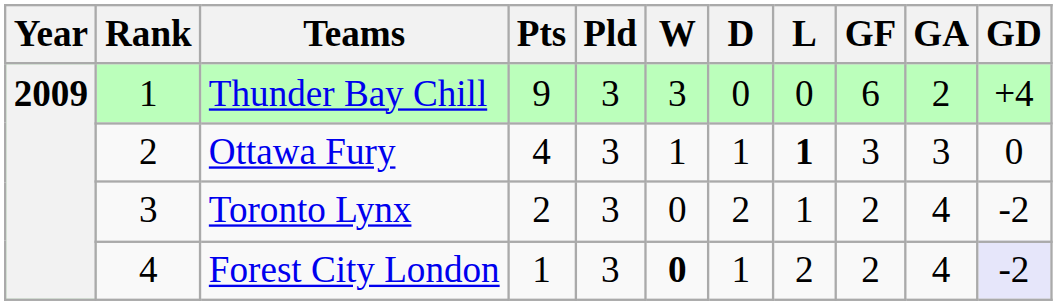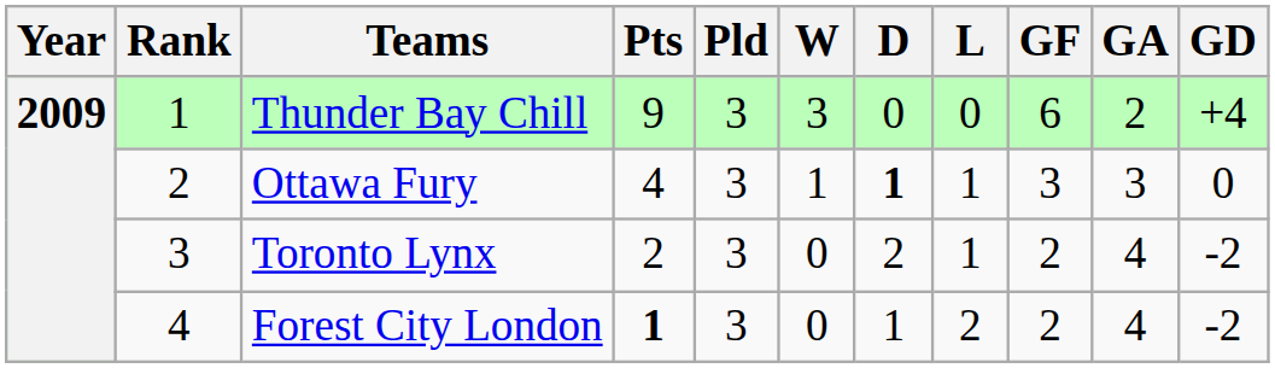 <table class="wikitable" style="text-align: center;">
 <tr>
 <th>Year</th>
 <th>Rank</th>
 <th>Teams</th>
 <th width="20">Pts</th>
 <th width="20">Pld</th>
 <th width="20">W</th>
 <th width="20">D</th>
 <th width="20">L</th>
 <th width="20">GF</th>
 <th width="20">GA</th>
 <th width="20">GD</th>
 </tr>
 <tr style="background: #bbffbb">
 <th rowspan="4" valign="top">2009</th>
 <td>1</td>
 <td style="text-align:left;"><a href='#'>Thunder Bay Chill</a></td>
 <td>9</td>
 <td>3</td>
 <td>3</td>
 <td>0</td>
 <td>0</td>
 <td>6</td>
 <td>2</td>
 <td>+4</td>
 </tr>
 <tr>
 <td>2</td>
 <td style="text-align:left;"><a href='#'>Ottawa Fury</a></td>
 <td>4</td>
 <td>3</td>
 <td>1</td>
+<td><strong>1</strong></td>
 <td>1</td>
-<td><strong>1</strong></td>
 <td>3</td>
 <td>3</td>
 <td>0</td>
 </tr>
 <tr>
 <td>3</td>
 <td style="text-align:left;"><a href='#'>Toronto Lynx</a></td>
 <td>2</td>
 <td>3</td>
 <td>0</td>
 <td>2</td>
 <td>1</td>
 <td>2</td>
 <td>4</td>
 <td>-2</td>
 </tr>
 <tr>
 <td>4</td>
 <td style="text-align:left;"><a href='#'>Forest City London</a></td>
-<td>1</td>
+<td><strong>1</strong></td>
 <td>3</td>
-<td><strong>0</strong></td>
+<td>0</td>
 <td>1</td>
 <td>2</td>
 <td>2</td>
 <td>4</td>
-<td style="background: lavender;">-2</td>
+<td>-2</td>
 </tr>
 </table>
